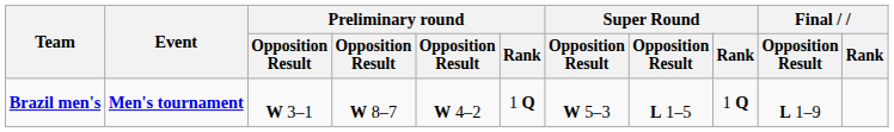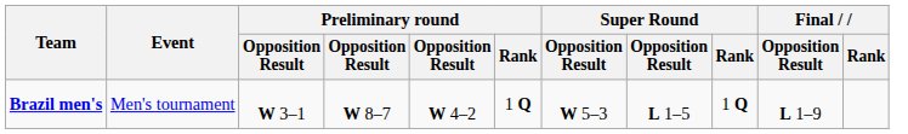 <table class=wikitable style=font-size:90%>
 <tr>
 <th rowspan=2>Team</th>
 <th rowspan=2>Event</th>
 <th colspan=4>Preliminary round</th>
 <th colspan=3>Super Round</th>
 <th colspan=2>Final /  / </th>
 </tr>
 <tr style=font-size:95%>
 <th>Opposition<br>Result</th>
 <th>Opposition<br>Result</th>
 <th>Opposition<br>Result</th>
 <th>Rank</th>
 <th>Opposition<br>Result</th>
 <th>Opposition<br>Result</th>
 <th>Rank</th>
 <th>Opposition<br>Result</th>
 <th>Rank</th>
 </tr>
 <tr align=center>
 <td align=left><strong><a href='#'>Brazil men's</a></strong></td>
-<td align=left><strong><a href='#'>Men's tournament</a></strong></td>
+<td align=left><a href='#'>Men's tournament</a></td>
 <td><br><strong>W</strong> 3–1</td>
 <td><br><strong>W</strong> 8–7</td>
 <td><br><strong>W</strong> 4–2</td>
 <td>1 <strong>Q</strong></td>
 <td><br><strong>W</strong> 5–3</td>
 <td><br><strong>L</strong> 1–5</td>
 <td>1 <strong>Q</strong></td>
 <td><br><strong>L</strong> 1–9</td>
 <td></td>
 </tr>
 </table>
